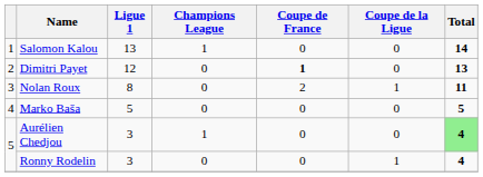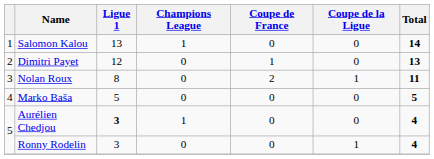 <table class="wikitable" style="text-align:center;">
 <tr>
 <th></th>
 <th>Name</th>
 <th><a href='#'>Ligue 1</a></th>
 <th><a href='#'>Champions League</a></th>
 <th><a href='#'>Coupe de France</a></th>
 <th><a href='#'>Coupe de la Ligue</a></th>
 <th>Total</th>
 </tr>
 <tr>
 <td rowspan=>1</td>
 <td align=left> <a href='#'>Salomon Kalou</a></td>
 <td>13</td>
 <td>1</td>
 <td>0</td>
 <td>0</td>
 <td><strong>14</strong></td>
 </tr>
 <tr>
 <td rowspan=>2</td>
 <td align=left> <a href='#'>Dimitri Payet</a></td>
 <td>12</td>
 <td>0</td>
-<td><strong>1</strong></td>
+<td>1</td>
 <td>0</td>
 <td><strong>13</strong></td>
 </tr>
 <tr>
 <td rowspan=>3</td>
 <td align=left> <a href='#'>Nolan Roux</a></td>
 <td>8</td>
 <td>0</td>
 <td>2</td>
 <td>1</td>
 <td><strong>11</strong></td>
 </tr>
 <tr>
 <td rowspan=>4</td>
 <td align=left> <a href='#'>Marko Baša</a></td>
 <td>5</td>
 <td>0</td>
 <td>0</td>
 <td>0</td>
 <td><strong>5</strong></td>
 </tr>
 <tr>
 <td rowspan=2>5</td>
 <td align=left> <a href='#'>Aurélien Chedjou</a></td>
-<td>3</td>
+<td><strong>3</strong></td>
 <td>1</td>
 <td>0</td>
 <td>0</td>
-<td style="background: lightgreen;"><strong>4</strong></td>
+<td><strong>4</strong></td>
 </tr>
 <tr>
 <td align=left> <a href='#'>Ronny Rodelin</a></td>
 <td>3</td>
 <td>0</td>
 <td>0</td>
 <td>1</td>
 <td><strong>4</strong></td>
 </tr>
 <tr>
 </tr>
 </table>
